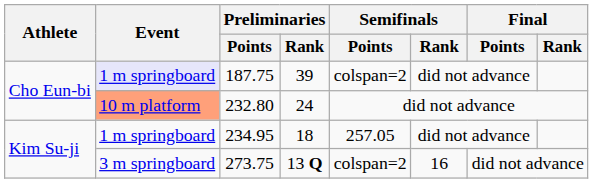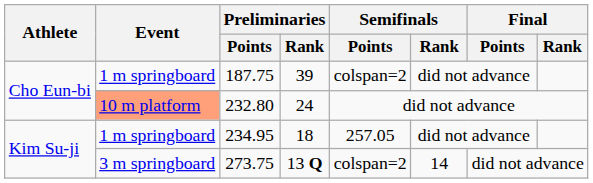 <table class="wikitable" style="text-align:center; font-size:90%">
 <tr>
 <th rowspan="2">Athlete</th>
 <th rowspan="2">Event</th>
 <th colspan="2">Preliminaries</th>
 <th colspan="2">Semifinals</th>
 <th colspan="2">Final</th>
 </tr>
 <tr style="font-size:95%">
 <th>Points</th>
 <th>Rank</th>
 <th>Points</th>
 <th>Rank</th>
 <th>Points</th>
 <th>Rank</th>
 </tr>
 <tr>
 <td align=left rowspan=2><a href='#'>Cho Eun-bi</a></td>
-<td align=left style="background: lavender;"><a href='#'>1 m springboard</a></td>
+<td align=left><a href='#'>1 m springboard</a></td>
 <td>187.75</td>
 <td>39</td>
 <td>colspan=2 </td>
 <td colspan=2>did not advance</td>
 </tr>
 <tr>
 <td align=left style="background: lightsalmon;"><a href='#'>10 m platform</a></td>
 <td>232.80</td>
 <td>24</td>
 <td colspan=4>did not advance</td>
 </tr>
 <tr>
 <td align=left rowspan=2><a href='#'>Kim Su-ji</a></td>
 <td align=left><a href='#'>1 m springboard</a></td>
 <td>234.95</td>
 <td>18</td>
 <td>257.05</td>
 <td colspan=2>did not advance</td>
 </tr>
 <tr>
 <td align=left><a href='#'>3 m springboard</a></td>
 <td>273.75</td>
 <td>13 <strong>Q</strong></td>
 <td>colspan=2 </td>
-<td>16</td>
+<td>14</td>
 <td colspan=2>did not advance</td>
 </tr>
 </table>
